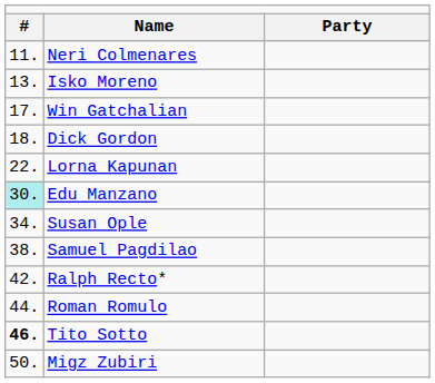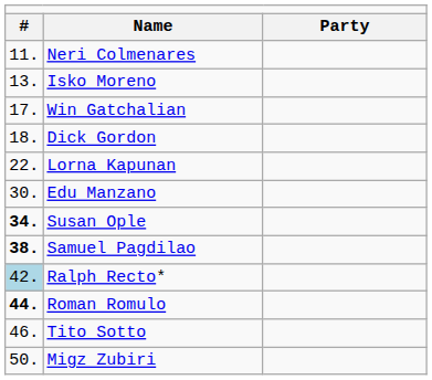 <table class=wikitable style="font-size:90%">
 <tr>
 <td colspan=4 bgcolor=></td>
 </tr>
 <tr>
 <th>#</th>
 <th style="width:150px;">Name</th>
 <th colspan="2" style="width:110px;">Party</th>
 </tr>
 <tr>
 <td>11.</td>
 <td><a href='#'>Neri Colmenares</a></td>
 <td></td>
 </tr>
 <tr>
 <td>13.</td>
 <td><a href='#'>Isko Moreno</a></td>
 <td></td>
 </tr>
 <tr>
 <td>17.</td>
 <td><a href='#'>Win Gatchalian</a></td>
 <td></td>
 </tr>
 <tr>
 <td>18.</td>
 <td><a href='#'>Dick Gordon</a></td>
 <td></td>
 </tr>
 <tr>
 <td>22.</td>
 <td><a href='#'>Lorna Kapunan</a></td>
 <td></td>
 </tr>
 <tr>
-<td style="background: paleturquoise;">30.</td>
+<td>30.</td>
 <td><a href='#'>Edu Manzano</a></td>
 <td></td>
 </tr>
 <tr>
-<td>34.</td>
+<td><strong>34.</strong></td>
 <td><a href='#'>Susan Ople</a></td>
 <td></td>
 </tr>
 <tr>
-<td>38.</td>
+<td><strong>38.</strong></td>
 <td><a href='#'>Samuel Pagdilao</a></td>
 <td></td>
 </tr>
 <tr>
-<td>42.</td>
+<td style="background: lightblue;">42.</td>
 <td><a href='#'>Ralph Recto</a>*</td>
 <td></td>
 </tr>
 <tr>
-<td>44.</td>
+<td><strong>44.</strong></td>
 <td><a href='#'>Roman Romulo</a></td>
 <td></td>
 </tr>
 <tr>
-<td><strong>46.</strong></td>
+<td>46.</td>
 <td><a href='#'>Tito Sotto</a></td>
 <td></td>
 </tr>
 <tr>
 <td>50.</td>
 <td><a href='#'>Migz Zubiri</a></td>
 <td></td>
 </tr>
 </table>
